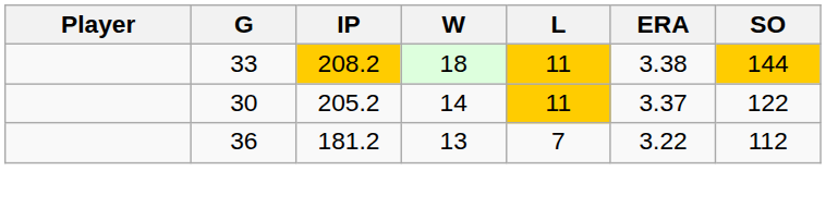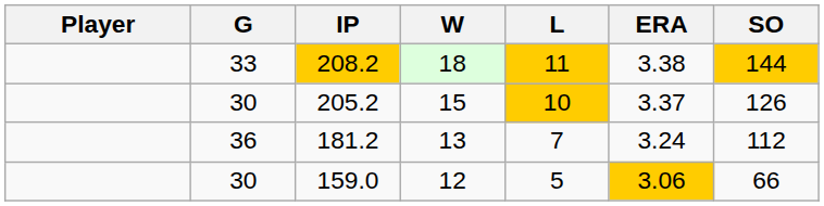 <table class="wikitable sortable">
 <tr>
 <th bgcolor="#DDDDFF" width="16%">Player</th>
 <th bgcolor="#DDDDFF" width="9%">G</th>
 <th bgcolor="#DDDDFF" width="9%">IP</th>
 <th bgcolor="#DDDDFF" width="9%">W</th>
 <th bgcolor="#DDDDFF" width="9%">L</th>
 <th bgcolor="#DDDDFF" width="9%">ERA</th>
 <th bgcolor="#DDDDFF" width="9%">SO</th>
 </tr>
 <tr align="center">
 <td></td>
 <td>33</td>
 <td style="background:#fc0;">208.2</td>
 <td style="background:#DDFFDD;">18</td>
 <td style="background:#fc0;">11</td>
 <td>3.38</td>
 <td style="background:#fc0;">144</td>
 </tr>
 <tr align=center>
 <td></td>
 <td>30</td>
 <td>205.2</td>
-<td>14</td>
-<td style="background:#fc0;">11</td>
+<td>15</td>
+<td style="background:#fc0;">10</td>
 <td>3.37</td>
-<td>122</td>
+<td>126</td>
 </tr>
 <tr align="center">
 <td></td>
 <td>36</td>
 <td>181.2</td>
 <td>13</td>
 <td>7</td>
-<td>3.22</td>
+<td>3.24</td>
 <td>112</td>
 </tr>
+<tr align="center">
+<td></td>
+<td>30</td>
+<td>159.0</td>
+<td>12</td>
+<td>5</td>
+<td style="background:#fc0;">3.06</td>
+<td>66</td>
+</tr>
 </table>
